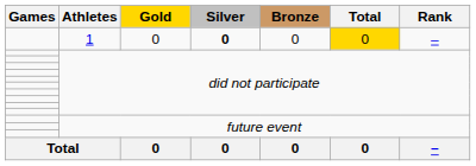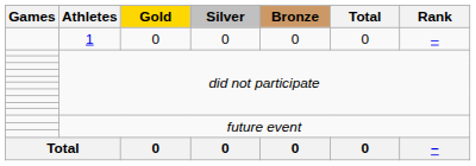 <table class="wikitable" style="text-align:center; font-size:90%;">
 <tr>
 <th>Games</th>
 <th>Athletes</th>
 <td style="background:gold; width:4.5em; font-weight:bold;">Gold</td>
 <td style="background:silver; width:4.5em; font-weight:bold;">Silver</td>
 <td style="background:#cc9966; width:4.5em; font-weight:bold;">Bronze</td>
 <th style="width:4.5em; font-weight:bold;">Total</th>
 <th style="width:4.5em; font-weight:bold;">Rank</th>
 </tr>
 <tr>
 <td align=left></td>
 <td><a href='#'>1</a></td>
 <td>0</td>
-<td><strong>0</strong></td>
 <td>0</td>
-<td style="background: gold;">0</td>
+<td>0</td>
+<td>0</td>
 <td><a href='#'>–</a></td>
 </tr>
 <tr>
 <td align=left></td>
 <td colspan=6; rowspan=10><em>did not participate</em></td>
 </tr>
 <tr>
 <td align=left></td>
 </tr>
 <tr>
 <td align=left></td>
 </tr>
 <tr>
 <td align=left></td>
 </tr>
 <tr>
 <td align=left></td>
 </tr>
 <tr>
 <td align=left></td>
 </tr>
 <tr>
 <td align=left></td>
 </tr>
 <tr>
 <td align=left></td>
 </tr>
 <tr>
 <td align=left></td>
 </tr>
 <tr>
 <td align=left></td>
 </tr>
 <tr>
 <td align=left></td>
 <td rowspan="3"; colspan=6><em>future event</em></td>
 </tr>
 <tr>
 <td align=left></td>
 </tr>
 <tr>
 <td align=left></td>
 </tr>
 <tr>
 <th colspan=2>Total</th>
 <th>0</th>
 <th>0</th>
 <th>0</th>
 <th>0</th>
 <th><a href='#'>–</a></th>
 </tr>
 </table>
